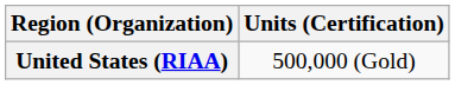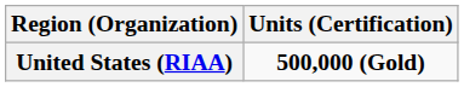 <table class="wikitable plainrowheaders" style="text-align:center;">
 <tr>
 <th scope="col">Region (Organization)</th>
 <th scope="col">Units (Certification)</th>
 </tr>
 <tr>
 <th scope="row">United States (<a href='#'>RIAA</a>)</th>
-<td>500,000 (Gold)</td>
+<td><strong>500,000 (Gold)</strong></td>
 </tr>
 </table>
